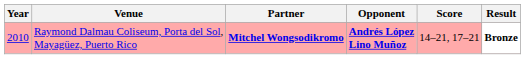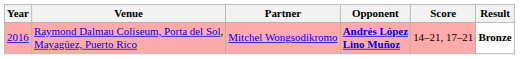 <table class="sortable wikitable" style="font-size: 90%;">
 <tr>
 <th>Year</th>
 <th>Venue</th>
 <th>Partner</th>
 <th>Opponent</th>
 <th>Score</th>
 <th>Result</th>
 </tr>
 <tr style="background:#FFAAAA">
-<td align="center"><a href='#'>2010</a></td>
+<td align="center"><a href='#'>2016</a></td>
 <td align="left"><a href='#'>Raymond Dalmau Coliseum, Porta del Sol</a>,<br><a href='#'>Mayagüez, Puerto Rico</a></td>
-<td align="left"><strong> <a href='#'>Mitchel Wongsodikromo</a></strong></td>
+<td align="left"> <a href='#'>Mitchel Wongsodikromo</a></td>
 <td align="left"><strong> <a href='#'>Andrés López</a> <br>  <a href='#'>Lino Muñoz</a></strong></td>
 <td align="left">14–21, 17–21</td>
 <td style="text-align:left; background:white"> <strong>Bronze</strong></td>
 </tr>
 </table>
